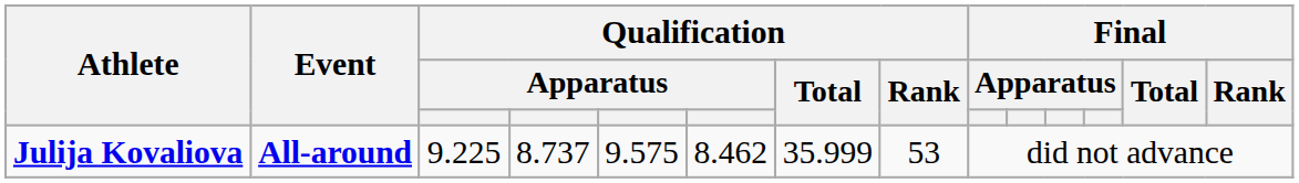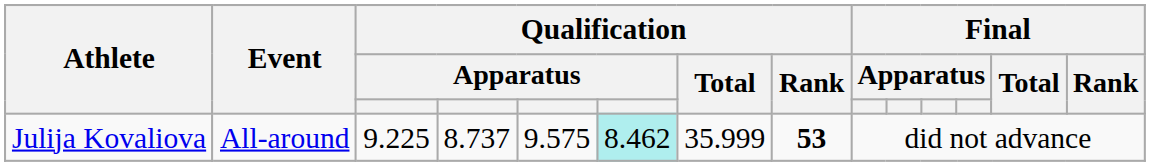 <table class="wikitable" style="font-size:90%">
 <tr>
 <th rowspan=3>Athlete</th>
 <th rowspan=3>Event</th>
 <th colspan =6>Qualification</th>
 <th colspan =6>Final</th>
 </tr>
 <tr style="font-size:95%">
 <th colspan=4>Apparatus</th>
 <th rowspan=2>Total</th>
 <th rowspan=2>Rank</th>
 <th colspan=4>Apparatus</th>
 <th rowspan=2>Total</th>
 <th rowspan=2>Rank</th>
 </tr>
 <tr style="font-size:95%">
 <th></th>
 <th></th>
 <th></th>
 <th></th>
 <th></th>
 <th></th>
 <th></th>
 <th></th>
 </tr>
 <tr align=center>
-<td align=left><strong><a href='#'>Julija Kovaliova</a></strong></td>
-<td align=left><strong><a href='#'>All-around</a></strong></td>
+<td align=left><a href='#'>Julija Kovaliova</a></td>
+<td align=left><a href='#'>All-around</a></td>
 <td>9.225</td>
 <td>8.737</td>
 <td>9.575</td>
-<td>8.462</td>
+<td style="background: paleturquoise;">8.462</td>
 <td>35.999</td>
-<td>53</td>
+<td><strong>53</strong></td>
 <td colspan=6>did not advance</td>
 </tr>
 </table>
